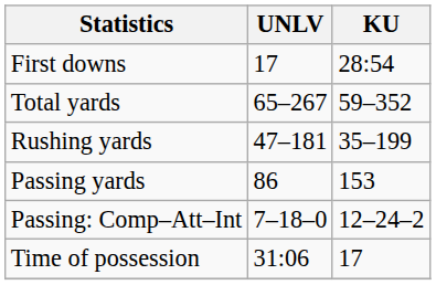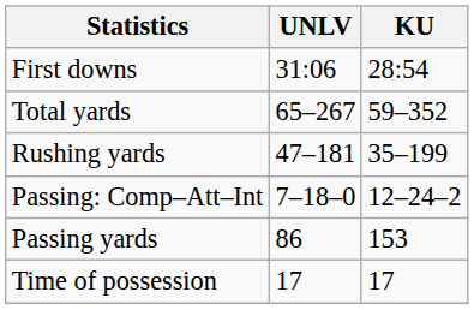 <table class="wikitable" style="float: left;">
 <tr>
 <th>Statistics</th>
 <th>UNLV</th>
 <th>KU</th>
 </tr>
 <tr>
 <td>First downs</td>
-<td>17</td>
+<td>31:06</td>
 <td>28:54</td>
 </tr>
 <tr>
 <td>Total yards</td>
 <td>65–267</td>
 <td>59–352</td>
 </tr>
 <tr>
 <td>Rushing yards</td>
 <td>47–181</td>
 <td>35–199</td>
 </tr>
 <tr>
+<td>Passing: Comp–Att–Int</td>
+<td>7–18–0</td>
+<td>12–24–2</td>
+</tr>
+<tr>
 <td>Passing yards</td>
 <td>86</td>
 <td>153</td>
 </tr>
 <tr>
-<td>Passing: Comp–Att–Int</td>
-<td>7–18–0</td>
-<td>12–24–2</td>
-</tr>
-<tr>
 <td>Time of possession</td>
-<td>31:06</td>
+<td>17</td>
 <td>17</td>
 </tr>
 <tr>
 </tr>
 </table>
